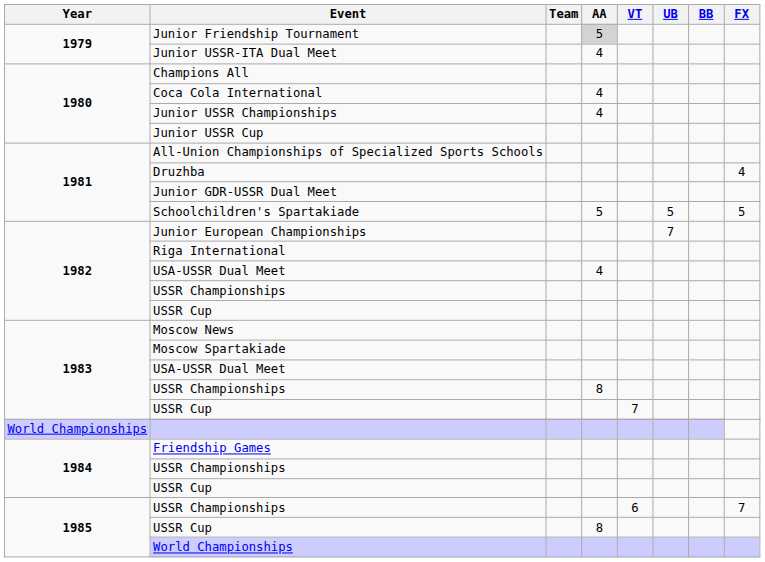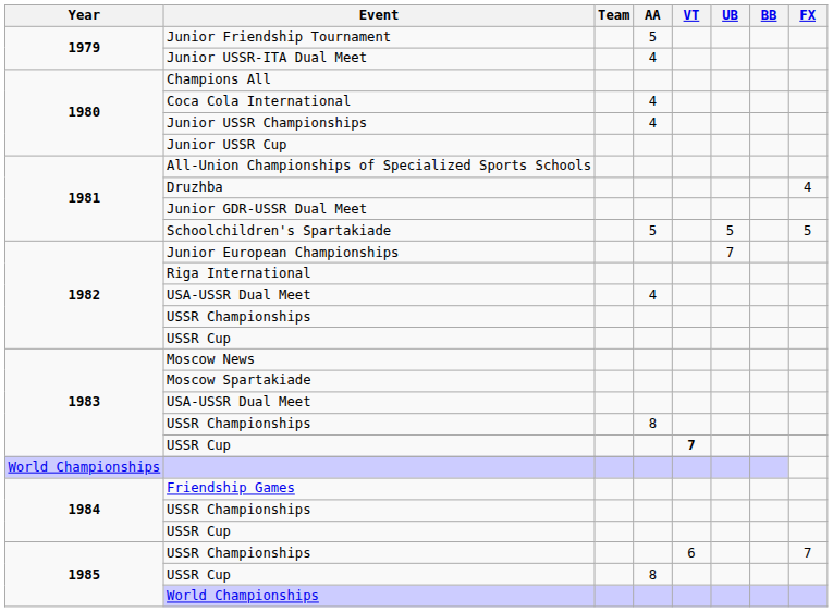 <table class="wikitable" style="text-align:center; font-size: 95%;">
 <tr>
 <th>Year</th>
 <th>Event</th>
 <th width=30px>Team</th>
 <th width=30px>AA</th>
 <th width=30px><a href='#'>VT</a></th>
 <th width=30px><a href='#'>UB</a></th>
 <th width=30px><a href='#'>BB</a></th>
 <th width=30px><a href='#'>FX</a></th>
 </tr>
 <tr>
 <td rowspan="2"><strong>1979</strong></td>
 <td align=left>Junior Friendship Tournament</td>
 <td></td>
-<td style="background: lightgrey;">5</td>
+<td>5</td>
 <td></td>
 <td></td>
 <td></td>
 <td></td>
 </tr>
 <tr>
 <td align=left>Junior USSR-ITA Dual Meet</td>
 <td></td>
 <td>4</td>
 <td></td>
 <td></td>
 <td></td>
 <td></td>
 </tr>
 <tr>
 <td rowspan="4"><strong>1980</strong></td>
 <td align=left>Champions All</td>
 <td></td>
 <td></td>
 <td></td>
 <td></td>
 <td></td>
 <td></td>
 </tr>
 <tr>
 <td align=left>Coca Cola International</td>
 <td></td>
 <td>4</td>
 <td></td>
 <td></td>
 <td></td>
 <td></td>
 </tr>
 <tr>
 <td align=left>Junior USSR Championships</td>
 <td></td>
 <td>4</td>
 <td></td>
 <td></td>
 <td></td>
 <td></td>
 </tr>
 <tr>
 <td align=left>Junior USSR Cup</td>
 <td></td>
 <td></td>
 <td></td>
 <td></td>
 <td></td>
 <td></td>
 </tr>
 <tr>
 <td rowspan="4"><strong>1981</strong></td>
 <td align=left>All-Union Championships of Specialized Sports Schools</td>
 <td></td>
 <td></td>
 <td></td>
 <td></td>
 <td></td>
 <td></td>
 </tr>
 <tr>
 <td align=left>Druzhba</td>
 <td></td>
 <td></td>
 <td></td>
 <td></td>
 <td></td>
 <td>4</td>
 </tr>
 <tr>
 <td align=left>Junior GDR-USSR Dual Meet</td>
 <td></td>
 <td></td>
 <td></td>
 <td></td>
 <td></td>
 <td></td>
 </tr>
 <tr>
 <td align=left>Schoolchildren's Spartakiade</td>
 <td></td>
 <td>5</td>
 <td></td>
 <td>5</td>
 <td></td>
 <td>5</td>
 </tr>
 <tr>
 <td rowspan="5"><strong>1982</strong></td>
 <td align=left>Junior European Championships</td>
 <td></td>
 <td></td>
 <td></td>
 <td>7</td>
 <td></td>
 <td></td>
 </tr>
 <tr>
 <td align=left>Riga International</td>
 <td></td>
 <td></td>
 <td></td>
 <td></td>
 <td></td>
 <td></td>
 </tr>
 <tr>
 <td align=left>USA-USSR Dual Meet</td>
 <td></td>
 <td>4</td>
 <td></td>
 <td></td>
 <td></td>
 <td></td>
 </tr>
 <tr>
 <td align=left>USSR Championships</td>
 <td></td>
 <td></td>
 <td></td>
 <td></td>
 <td></td>
 <td></td>
 </tr>
 <tr>
 <td align=left>USSR Cup</td>
 <td></td>
 <td></td>
 <td></td>
 <td></td>
 <td></td>
 <td></td>
 </tr>
 <tr>
 <td rowspan="6"><strong>1983</strong></td>
 <td align=left>Moscow News</td>
 <td></td>
 <td></td>
 <td></td>
 <td></td>
 <td></td>
 <td></td>
 </tr>
 <tr>
 <td align=left>Moscow Spartakiade</td>
 <td></td>
 <td></td>
 <td></td>
 <td></td>
 <td></td>
 <td></td>
 </tr>
 <tr>
 <td align=left>USA-USSR Dual Meet</td>
 <td></td>
 <td></td>
 <td></td>
 <td></td>
 <td></td>
 <td></td>
 </tr>
 <tr>
 <td align=left>USSR Championships</td>
 <td></td>
 <td>8</td>
 <td></td>
 <td></td>
 <td></td>
 <td></td>
 </tr>
 <tr>
 <td align=left>USSR Cup</td>
 <td></td>
 <td></td>
-<td>7</td>
+<td><strong>7</strong></td>
 <td></td>
 <td></td>
 <td></td>
 </tr>
 <tr>
 </tr>
 <tr bgcolor=#CCCCFF>
 <td align=left><a href='#'>World Championships</a></td>
 <td></td>
 <td></td>
 <td></td>
 <td></td>
 <td></td>
 <td></td>
 </tr>
 <tr>
 <td rowspan="3"><strong>1984</strong></td>
 <td align=left><a href='#'>Friendship Games</a></td>
 <td></td>
 <td></td>
 <td></td>
 <td></td>
 <td></td>
 <td></td>
 </tr>
 <tr>
 <td align=left>USSR Championships</td>
 <td></td>
 <td></td>
 <td></td>
 <td></td>
 <td></td>
 <td></td>
 </tr>
 <tr>
 <td align=left>USSR Cup</td>
 <td></td>
 <td></td>
 <td></td>
 <td></td>
 <td></td>
 <td></td>
 </tr>
 <tr>
 <td rowspan="3"><strong>1985</strong></td>
 <td align=left>USSR Championships</td>
 <td></td>
 <td></td>
 <td>6</td>
 <td></td>
 <td></td>
 <td>7</td>
 </tr>
 <tr>
 <td align=left>USSR Cup</td>
 <td></td>
 <td>8</td>
 <td></td>
 <td></td>
 <td></td>
 <td></td>
 </tr>
 <tr bgcolor=#CCCCFF>
 <td align=left><a href='#'>World Championships</a></td>
 <td></td>
 <td></td>
 <td></td>
 <td></td>
 <td></td>
 <td></td>
 </tr>
 </table>
